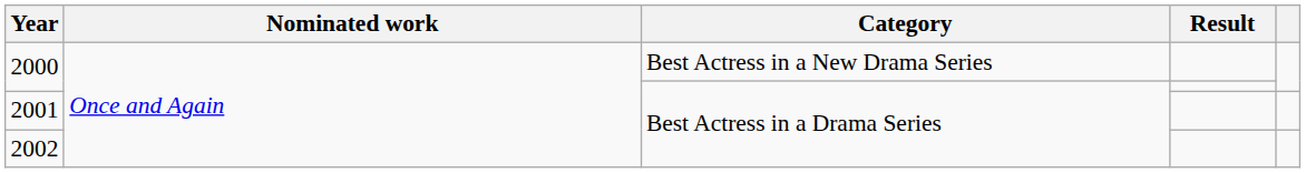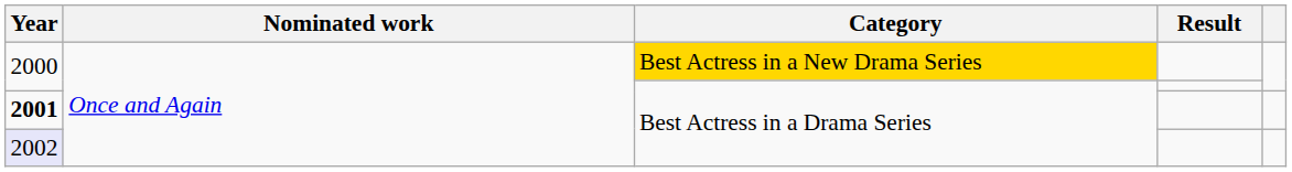 <table class="wikitable">
 <tr>
 <th scope="col" style="width:1em;">Year</th>
 <th scope="col" style="width:39em;">Nominated work</th>
 <th scope="col" style="width:36em;">Category</th>
 <th scope="col" style="width:5em;">Result</th>
 <th scope="col" style="width:1em;"></th>
 </tr>
 <tr>
 <td rowspan="2">2000</td>
 <td rowspan="4"><em><a href='#'>Once and Again</a></em></td>
-<td>Best Actress in a New Drama Series</td>
+<td style="background: gold;">Best Actress in a New Drama Series</td>
 <td></td>
 <td rowspan="2"></td>
 </tr>
 <tr>
 <td rowspan="3">Best Actress in a Drama Series</td>
 <td></td>
 </tr>
 <tr>
-<td>2001</td>
+<td><strong>2001</strong></td>
 <td></td>
 <td></td>
 </tr>
 <tr>
-<td>2002</td>
+<td style="background: lavender;">2002</td>
 <td></td>
 <td></td>
 </tr>
 </table>
